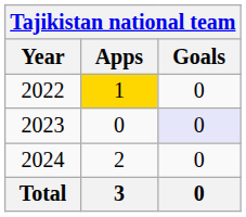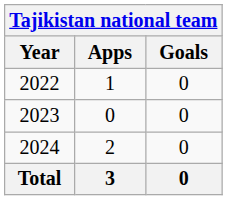 <table class="wikitable" style="text-align:center">
 <tr>
 <th colspan=3><a href='#'>Tajikistan national team</a></th>
 </tr>
 <tr>
 <th>Year</th>
 <th>Apps</th>
 <th>Goals</th>
 </tr>
 <tr>
 <td>2022</td>
-<td style="background: gold;">1</td>
+<td>1</td>
 <td>0</td>
 </tr>
 <tr>
 <td>2023</td>
 <td>0</td>
-<td style="background: lavender;">0</td>
+<td>0</td>
 </tr>
 <tr>
 <td>2024</td>
 <td>2</td>
 <td>0</td>
 </tr>
 <tr>
 <th>Total</th>
 <th>3</th>
 <th>0</th>
 </tr>
 </table>
